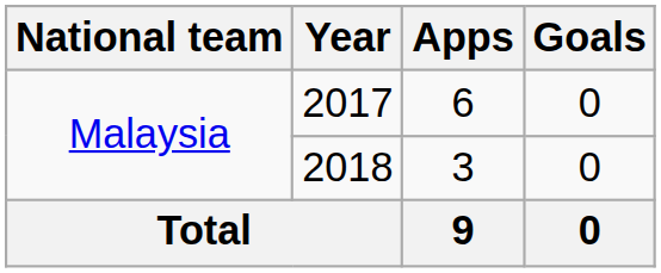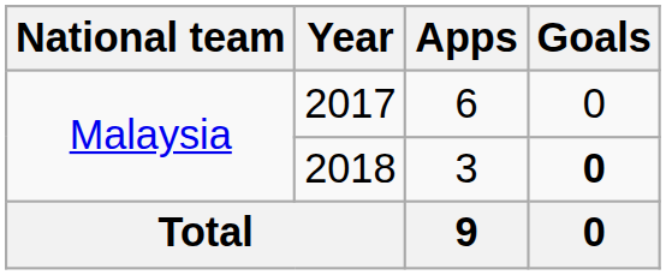 <table class=wikitable style="text-align: center;">
 <tr>
 <th>National team</th>
 <th>Year</th>
 <th>Apps</th>
 <th>Goals</th>
 </tr>
 <tr>
 <td rowspan=2><a href='#'>Malaysia</a></td>
 <td>2017</td>
 <td>6</td>
 <td>0</td>
 </tr>
 <tr>
 <td>2018</td>
 <td>3</td>
-<td>0</td>
+<td><strong>0</strong></td>
 </tr>
 <tr>
 <th colspan=2>Total</th>
 <th>9</th>
 <th>0</th>
 </tr>
 </table>
